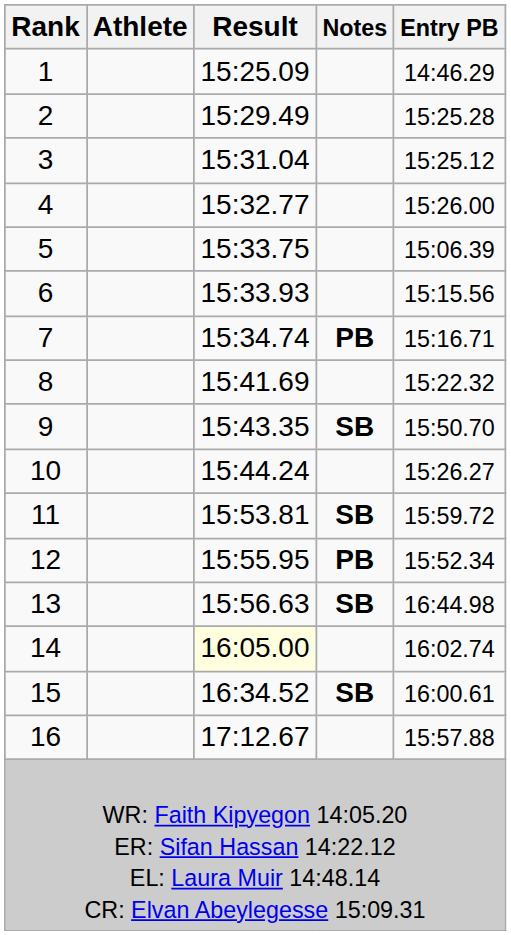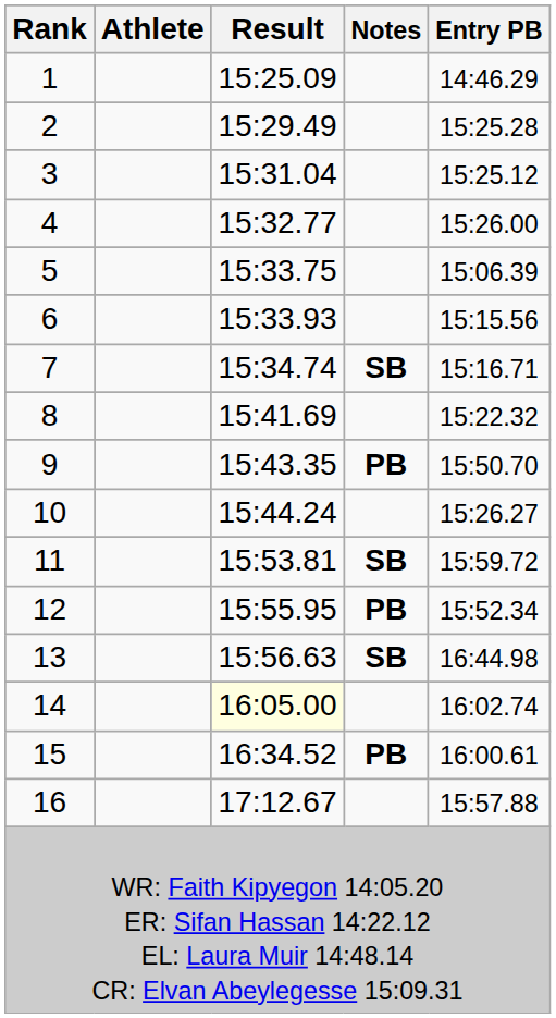 <table class="wikitable sortable" style="text-align:center;">
 <tr>
 <th>Rank</th>
 <th>Athlete</th>
 <th>Result</th>
 <th><small>Notes</small></th>
 <th><small>Entry PB</small></th>
 </tr>
 <tr>
 <td>1</td>
 <td align=left></td>
 <td>15:25.09</td>
 <td></td>
 <td><small>14:46.29</small></td>
 </tr>
 <tr>
 <td>2</td>
 <td align=left></td>
 <td>15:29.49</td>
 <td></td>
 <td><small>15:25.28</small></td>
 </tr>
 <tr>
 <td>3</td>
 <td align=left></td>
 <td>15:31.04</td>
 <td></td>
 <td><small>15:25.12</small></td>
 </tr>
 <tr>
 <td>4</td>
 <td align=left></td>
 <td>15:32.77</td>
 <td></td>
 <td><small>15:26.00</small></td>
 </tr>
 <tr>
 <td>5</td>
 <td align=left></td>
 <td>15:33.75</td>
 <td></td>
 <td><small>15:06.39</small></td>
 </tr>
 <tr>
 <td>6</td>
 <td align=left></td>
 <td>15:33.93</td>
 <td></td>
 <td><small>15:15.56</small></td>
 </tr>
 <tr>
 <td>7</td>
 <td align=left></td>
 <td>15:34.74</td>
-<td><strong>PB</strong></td>
+<td><strong>SB</strong></td>
 <td><small>15:16.71</small></td>
 </tr>
 <tr>
 <td>8</td>
 <td align=left></td>
 <td>15:41.69</td>
 <td></td>
 <td><small>15:22.32</small></td>
 </tr>
 <tr>
 <td>9</td>
 <td align=left></td>
 <td>15:43.35</td>
-<td><strong>SB</strong></td>
+<td><strong>PB</strong></td>
 <td><small>15:50.70</small></td>
 </tr>
 <tr>
 <td>10</td>
 <td align=left></td>
 <td>15:44.24</td>
 <td></td>
 <td><small>15:26.27</small></td>
 </tr>
 <tr>
 <td>11</td>
 <td align=left></td>
 <td>15:53.81</td>
 <td><strong>SB</strong></td>
 <td><small>15:59.72</small></td>
 </tr>
 <tr>
 <td>12</td>
 <td align=left></td>
 <td>15:55.95</td>
 <td><strong>PB</strong></td>
 <td><small>15:52.34</small></td>
 </tr>
 <tr>
 <td>13</td>
 <td align=left></td>
 <td>15:56.63</td>
 <td><strong>SB</strong></td>
 <td><small>16:44.98</small></td>
 </tr>
 <tr>
 <td>14</td>
 <td align=left></td>
 <td style="background: lightyellow;">16:05.00</td>
 <td></td>
 <td><small>16:02.74</small></td>
 </tr>
 <tr>
 <td>15</td>
 <td align=left></td>
 <td>16:34.52</td>
-<td><strong>SB</strong></td>
+<td><strong>PB</strong></td>
 <td><small>16:00.61</small></td>
 </tr>
 <tr>
 <td>16</td>
 <td align=left></td>
 <td>17:12.67</td>
 <td></td>
 <td><small>15:57.88</small></td>
 </tr>
 <tr class="sortbottom">
 <td colspan="5" bgcolor="#cccccc"><br> <small>WR:   <a href='#'>Faith Kipyegon</a> 14:05.20<br>ER:  <a href='#'>Sifan Hassan</a> 14:22.12<br></small> <small>EL:   <a href='#'>Laura Muir</a> 14:48.14<br>CR:  <a href='#'>Elvan Abeylegesse</a> 15:09.31</small></td>
 </tr>
 </table>
